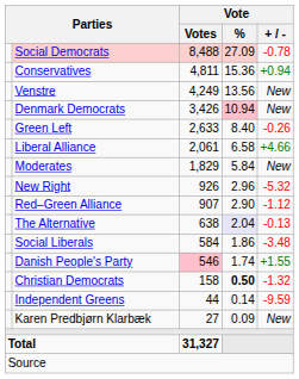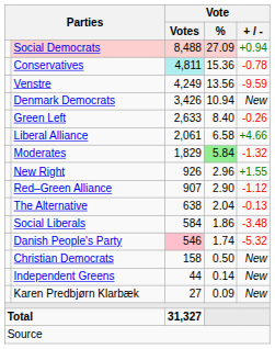 <table class="wikitable" style="text-align:right;">
 <tr>
 <th style="text-align:centre;" rowspan="2" colspan="2" width="225">Parties</th>
 <th colspan="3">Vote</th>
 </tr>
 <tr>
 <th width="15">Votes</th>
 <th width="15">%</th>
 <th width="15">+ / -</th>
 </tr>
 <tr>
 <td width="2" style="color:inherit;background:"></td>
 <td bgcolor=#fbd0ce  align="left"><a href='#'>Social Democrats</a></td>
 <td bgcolor=#fbd0ce>8,488</td>
 <td bgcolor=#fbd0ce>27.09</td>
-<td style=color:red;>-0.78</td>
+<td style=color:green;>+0.94</td>
 </tr>
 <tr>
 <td width="2" style="color:inherit;background:"></td>
 <td align="left"><a href='#'>Conservatives</a></td>
-<td>4,811</td>
+<td style="background: paleturquoise;">4,811</td>
 <td>15.36</td>
-<td style=color:green;>+0.94</td>
+<td style=color:red;>-0.78</td>
 </tr>
 <tr>
 <td width="2" style="color:inherit;background:"></td>
 <td align="left"><a href='#'>Venstre</a></td>
 <td>4,249</td>
 <td>13.56</td>
-<td><em>New</em></td>
+<td style=color:red;>-9.59</td>
 </tr>
 <tr>
 <td width="2" style="color:inherit;background:"></td>
 <td align="left"><a href='#'>Denmark Democrats</a></td>
 <td>3,426</td>
-<td style="background: pink;">10.94</td>
+<td>10.94</td>
 <td><em>New</em></td>
 </tr>
 <tr>
 <td width="2" style="color:inherit;background:"></td>
 <td align="left"><a href='#'>Green Left</a></td>
 <td>2,633</td>
 <td>8.40</td>
 <td style=color:red;>-0.26</td>
 </tr>
 <tr>
 <td width="2" style="color:inherit;background:"></td>
 <td align="left"><a href='#'>Liberal Alliance</a></td>
 <td>2,061</td>
 <td>6.58</td>
 <td style=color:green;>+4.66</td>
 </tr>
 <tr>
 <td width="2" style="color:inherit;background:"></td>
 <td align="left"><a href='#'>Moderates</a></td>
 <td>1,829</td>
-<td>5.84</td>
-<td><em>New</em></td>
+<td style="background: lightgreen;">5.84</td>
+<td style=color:red;>-1.32</td>
 </tr>
 <tr>
 <td width="2" style="color:inherit;background:"></td>
 <td align="left"><a href='#'>New Right</a></td>
 <td>926</td>
 <td>2.96</td>
-<td style=color:red;>-5.32</td>
+<td style=color:green;>+1.55</td>
 </tr>
 <tr>
 <td width="2" style="color:inherit;background:"></td>
 <td align="left"><a href='#'>Red–Green Alliance</a></td>
 <td>907</td>
 <td>2.90</td>
 <td style=color:red;>-1.12</td>
 </tr>
 <tr>
 <td width="2" style="color:inherit;background:"></td>
 <td align="left"><a href='#'>The Alternative</a></td>
 <td>638</td>
-<td style="background: lavender;">2.04</td>
+<td>2.04</td>
 <td style=color:red;>-0.13</td>
 </tr>
 <tr>
 <td width="2" style="color:inherit;background:"></td>
 <td align="left"><a href='#'>Social Liberals</a></td>
 <td>584</td>
 <td>1.86</td>
 <td style=color:red;>-3.48</td>
 </tr>
 <tr>
 <td width="2" style="color:inherit;background:"></td>
 <td align="left"><a href='#'>Danish People's Party</a></td>
 <td style="background: pink;">546</td>
 <td>1.74</td>
-<td style=color:green;>+1.55</td>
+<td style=color:red;>-5.32</td>
 </tr>
 <tr>
 <td width="2" style="color:inherit;background:"></td>
 <td align="left"><a href='#'>Christian Democrats</a></td>
 <td>158</td>
-<td><strong>0.50</strong></td>
-<td style=color:red;>-1.32</td>
+<td>0.50</td>
+<td><em>New</em></td>
 </tr>
 <tr>
 <td width="2" style="color:inherit;background:"></td>
 <td align="left"><a href='#'>Independent Greens</a></td>
 <td>44</td>
 <td>0.14</td>
-<td style=color:red;>-9.59</td>
+<td><em>New</em></td>
 </tr>
 <tr>
 <td width="2" style="color:inherit;background:"></td>
 <td align="left">Karen Predbjørn Klarbæk</td>
 <td>27</td>
 <td>0.09</td>
 <td><em>New</em></td>
 </tr>
 <tr>
 <td colspan="7" bgcolor="#E9E9E9"></td>
 </tr>
 <tr>
 <td align="left" colspan="2"><strong>Total</strong></td>
 <td><strong>31,327</strong></td>
 <td bgcolor="#E9E9E9" colspan="2"></td>
 </tr>
 <tr>
 <td align="left" colspan="6">Source</td>
 </tr>
 </table>
